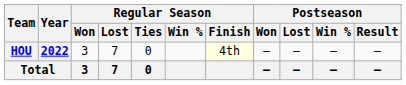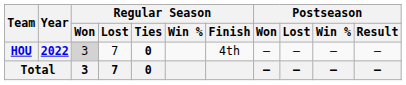 <table class="wikitable" style="font-size: 95%; text-align:center;">
 <tr>
 <th rowspan="2">Team</th>
 <th rowspan="2">Year</th>
 <th colspan="5">Regular Season</th>
 <th colspan="4">Postseason</th>
 </tr>
 <tr>
 <th>Won</th>
 <th>Lost</th>
 <th>Ties</th>
 <th>Win %</th>
 <th>Finish</th>
 <th>Won</th>
 <th>Lost</th>
 <th>Win %</th>
 <th>Result</th>
 </tr>
 <tr>
 <th><a href='#'>HOU</a></th>
 <th><a href='#'>2022</a></th>
-<td>3</td>
+<td style="background: lightgrey;">3</td>
 <td>7</td>
-<td>0</td>
+<td><strong>0</strong></td>
 <td></td>
-<td style="background: lightyellow;">4th </td>
+<td>4th </td>
 <td>—</td>
 <td>—</td>
 <td>—</td>
 <td>—</td>
 </tr>
 <tr>
 <th colspan="2">Total</th>
 <th>3</th>
 <th>7</th>
 <th>0</th>
 <th></th>
 <th></th>
 <th>—</th>
 <th>—</th>
 <th>—</th>
 <th>—</th>
 </tr>
 </table>
